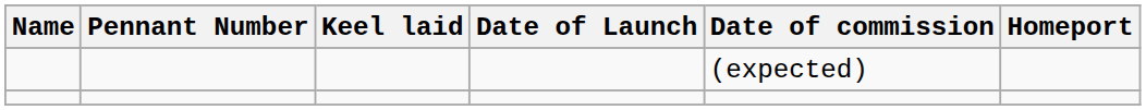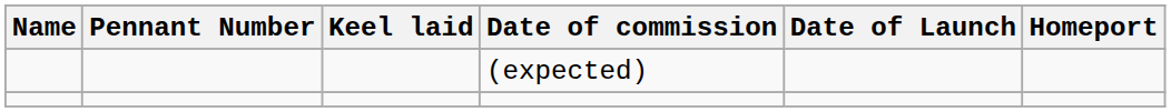 <table class="wikitable sortable">
 <tr>
 <th>Name</th>
 <th>Pennant Number</th>
 <th>Keel laid</th>
+<th>Date of commission</th>
 <th>Date of Launch</th>
-<th>Date of commission</th>
 <th>Homeport</th>
 </tr>
 <tr>
 <td></td>
 <td></td>
 <td></td>
+<td> (expected)</td>
 <td></td>
-<td> (expected)</td>
 <td></td>
 </tr>
 <tr>
 <td></td>
 <td></td>
 <td></td>
 <td></td>
 <td></td>
 <td></td>
 </tr>
 </table>
